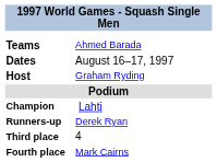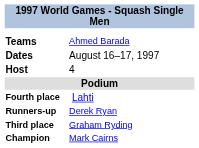 <table class="toccolours" style="float: right; margin: 0 0 1em 1em; font-size: 90%;" width=275px>
 <tr>
 <td colspan="2" style="background: #B0C4DE; text-align: center;" height=30px><strong>1997 World Games -  Squash Single Men</strong></td>
 </tr>
 <tr>
 <td colspan="2" style="text-align: center;"></td>
 </tr>
 <tr style="vertical-align:top;">
 <td colspan=2></td>
 </tr>
 <tr style="vertical-align:top;">
 <td width=90><strong>Teams</strong></td>
 <td style=font-size:90% width=250> <a href='#'>Ahmed Barada</a></td>
 </tr>
 <tr style="vertical-align:top;">
 <td><strong>Dates</strong></td>
 <td>August 16–17, 1997</td>
 </tr>
 <tr style="vertical-align:top;">
 <td><strong>Host</strong></td>
-<td style=font-size:90% width=250> <a href='#'>Graham Ryding</a></td>
+<td>4</td>
 </tr>
 <tr>
 <td colspan="2" style="background: #dedede; text-align: center;"><strong>Podium</strong></td>
 </tr>
 <tr style="vertical-align:top;">
-<td style=font-size:90% width=100> <strong>Champion</strong></td>
+<td style=font-size:90% width=100><strong>Fourth place</strong></td>
 <td> <a href='#'>Lahti</a></td>
 </tr>
 <tr>
 <td style=font-size:90% width=100> <strong>Runners-up</strong></td>
 <td style=font-size:90% width=250> <a href='#'>Derek Ryan</a></td>
 </tr>
 <tr>
 <td style=font-size:90% width=100> <strong>Third place</strong></td>
-<td>4</td>
+<td style=font-size:90% width=250> <a href='#'>Graham Ryding</a></td>
 </tr>
 <tr>
-<td style=font-size:90% width=100><strong>Fourth place</strong></td>
+<td style=font-size:90% width=100> <strong>Champion</strong></td>
 <td style=font-size:90% width=250> <a href='#'>Mark Cairns</a></td>
 </tr>
 </table>
